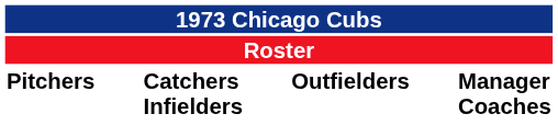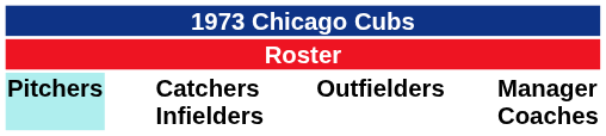 <table class="toccolours" style="font-size: 95%;">
 <tr>
 <th colspan="10" style="background-color: #0e3386; color: white; text-align: center;">1973 Chicago Cubs</th>
 </tr>
 <tr>
 <td colspan="10" style="background-color: #EE1422; color: white; text-align: center;"><strong>Roster</strong></td>
 </tr>
 <tr>
-<td valign="top"><strong>Pitchers</strong><br>           </td>
+<td valign="top" style="background: paleturquoise;"><strong>Pitchers</strong><br>           </td>
 <td width="25px"></td>
 <td valign="top"><strong>Catchers</strong><br>   <strong>Infielders</strong>            </td>
 <td width="25px"></td>
 <td valign="top"><strong>Outfielders</strong><br>        </td>
 <td width="25px"></td>
 <td valign="top"><strong>Manager</strong><br> <strong>Coaches</strong>     </td>
 </tr>
 <tr>
 </tr>
 </table>
